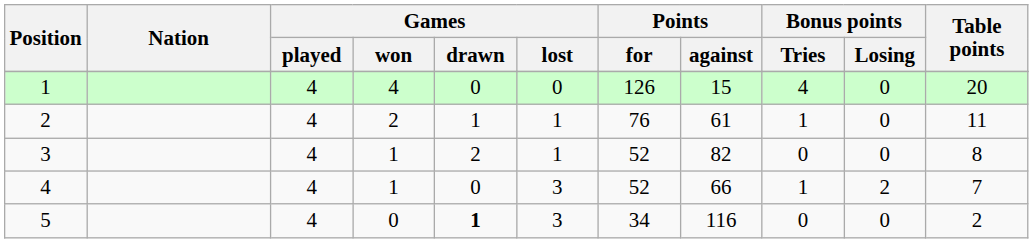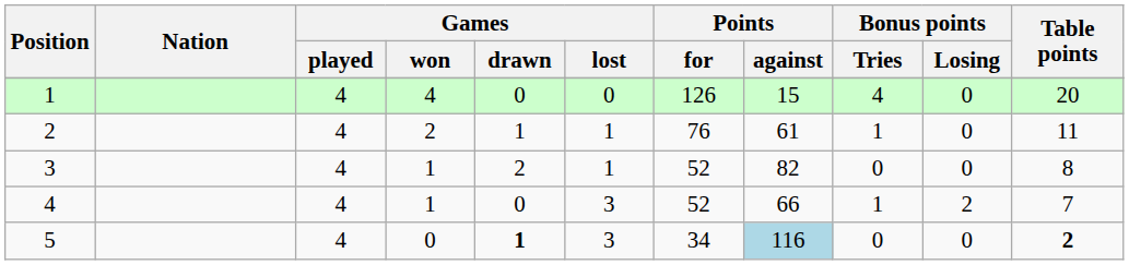 <table class="wikitable" style="text-align: center;">
 <tr>
 <th rowspan=2 width="8%">Position</th>
 <th rowspan=2 width="18%">Nation</th>
 <th colspan=4 width="32%">Games</th>
 <th colspan=2 width="16%">Points</th>
 <th colspan=2 width="16%">Bonus points</th>
 <th rowspan=2 width="10%">Table<br>points</th>
 </tr>
 <tr>
 <th width="8%">played</th>
 <th width="8%">won</th>
 <th width="8%">drawn</th>
 <th width="8%">lost</th>
 <th width="8%">for</th>
 <th width="8%">against</th>
 <th width="8%">Tries</th>
 <th width="8%">Losing</th>
 </tr>
 <tr>
 </tr>
 <tr bgcolor=#ccffcc align=center>
 <td>1</td>
 <td align=left></td>
 <td>4</td>
 <td>4</td>
 <td>0</td>
 <td>0</td>
 <td>126</td>
 <td>15</td>
 <td>4</td>
 <td>0</td>
 <td>20</td>
 </tr>
 <tr>
 <td>2</td>
 <td align=left></td>
 <td>4</td>
 <td>2</td>
 <td>1</td>
 <td>1</td>
 <td>76</td>
 <td>61</td>
 <td>1</td>
 <td>0</td>
 <td>11</td>
 </tr>
 <tr>
 <td>3</td>
 <td align=left></td>
 <td>4</td>
 <td>1</td>
 <td>2</td>
 <td>1</td>
 <td>52</td>
 <td>82</td>
 <td>0</td>
 <td>0</td>
 <td>8</td>
 </tr>
 <tr>
 <td>4</td>
 <td align=left></td>
 <td>4</td>
 <td>1</td>
 <td>0</td>
 <td>3</td>
 <td>52</td>
 <td>66</td>
 <td>1</td>
 <td>2</td>
 <td>7</td>
 </tr>
 <tr>
 <td>5</td>
 <td align=left></td>
 <td>4</td>
 <td>0</td>
 <td><strong>1</strong></td>
 <td>3</td>
 <td>34</td>
-<td>116</td>
+<td style="background: lightblue;">116</td>
 <td>0</td>
 <td>0</td>
-<td>2</td>
+<td><strong>2</strong></td>
 </tr>
 </table>
